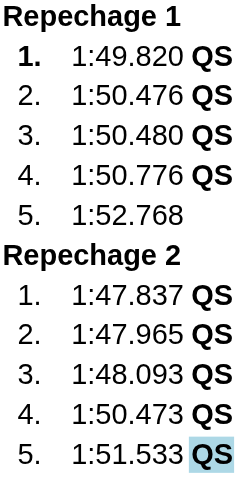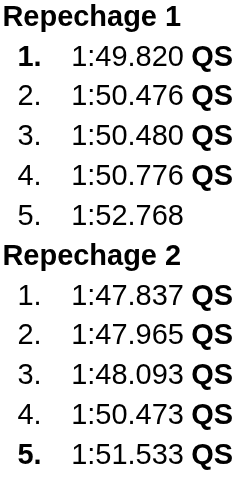 <table style="text-align:center">
 <tr>
 <td colspan=4 align=left><strong>Repechage 1</strong></td>
 </tr>
 <tr>
 <td width=30><strong>1.</strong></td>
 <td align=left></td>
 <td width=60>1:49.820</td>
 <td><strong>QS</strong></td>
 </tr>
 <tr>
 <td>2.</td>
 <td align=left></td>
 <td>1:50.476</td>
 <td><strong>QS</strong></td>
 </tr>
 <tr>
 <td>3.</td>
 <td align=left></td>
 <td>1:50.480</td>
 <td><strong>QS</strong></td>
 </tr>
 <tr>
 <td>4.</td>
 <td align=left></td>
 <td>1:50.776</td>
 <td><strong>QS</strong></td>
 </tr>
 <tr>
 <td>5.</td>
 <td align=left></td>
 <td>1:52.768</td>
 <td></td>
 </tr>
 <tr>
 <td colspan=4 align=left><strong>Repechage 2</strong></td>
 </tr>
 <tr>
 <td width=30>1.</td>
 <td align=left></td>
 <td width=60>1:47.837</td>
 <td><strong>QS</strong></td>
 </tr>
 <tr>
 <td>2.</td>
 <td align=left></td>
 <td>1:47.965</td>
 <td><strong>QS</strong></td>
 </tr>
 <tr>
 <td>3.</td>
 <td align=left></td>
 <td>1:48.093</td>
 <td><strong>QS</strong></td>
 </tr>
 <tr>
 <td>4.</td>
 <td align=left></td>
 <td>1:50.473</td>
 <td><strong>QS</strong></td>
 </tr>
 <tr>
-<td>5.</td>
+<td><strong>5.</strong></td>
 <td align=left></td>
 <td>1:51.533</td>
-<td style="background: lightblue;"><strong>QS</strong></td>
+<td><strong>QS</strong></td>
 </tr>
 </table>
